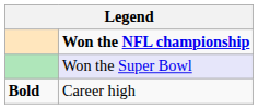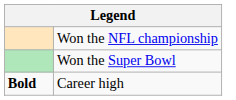 <table class="wikitable">
 <tr>
 <th colspan="3">Legend</th>
 </tr>
 <tr>
 <td style="background:#ffe6bd; width:3em;"></td>
-<td><strong>Won the <a href='#'>NFL championship</a></strong></td>
+<td>Won the <a href='#'>NFL championship</a></td>
 </tr>
 <tr>
 <td style="background:#afe6ba; width:3em"></td>
-<td style="background: lavender;">Won the <a href='#'>Super Bowl</a></td>
+<td>Won the <a href='#'>Super Bowl</a></td>
 </tr>
 <tr>
 <td><strong>Bold</strong></td>
 <td>Career high</td>
 </tr>
 </table>
